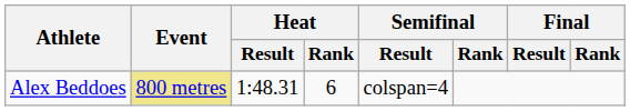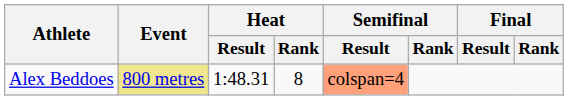 <table class="wikitable" style="font-size:90%">
 <tr>
 <th rowspan="2">Athlete</th>
 <th rowspan="2">Event</th>
 <th colspan="2">Heat</th>
 <th colspan="2">Semifinal</th>
 <th colspan="2">Final</th>
 </tr>
 <tr style="font-size:95%">
 <th>Result</th>
 <th>Rank</th>
 <th>Result</th>
 <th>Rank</th>
 <th>Result</th>
 <th>Rank</th>
 </tr>
 <tr align=center>
 <td align=left><a href='#'>Alex Beddoes</a></td>
 <td align=left style="background: khaki;"><a href='#'>800 metres</a></td>
 <td>1:48.31</td>
-<td>6</td>
-<td>colspan=4 </td>
+<td>8</td>
+<td style="background: lightsalmon;">colspan=4 </td>
 </tr>
 </table>
